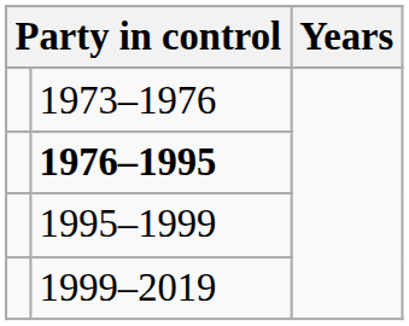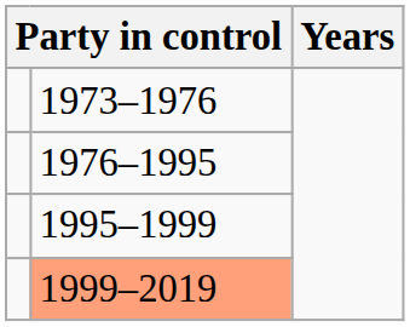 <table class="wikitable">
 <tr>
 <th colspan="2">Party in control</th>
 <th>Years</th>
 </tr>
 <tr>
 <td></td>
 <td>1973–1976</td>
 </tr>
 <tr>
 <td></td>
-<td><strong>1976–1995</strong></td>
+<td>1976–1995</td>
 </tr>
 <tr>
 <td></td>
 <td>1995–1999</td>
 </tr>
 <tr>
 <td></td>
-<td>1999–2019</td>
+<td style="background: lightsalmon;">1999–2019</td>
 </tr>
 </table>
